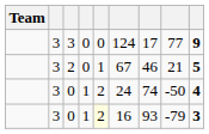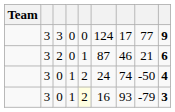 <table class="wikitable" style="text-align: center;">
 <tr>
 <th>Team</th>
 <th></th>
 <th></th>
 <th></th>
 <th></th>
 <th></th>
 <th></th>
 <th></th>
 <th></th>
 </tr>
 <tr>
 <td align="left"></td>
 <td>3</td>
 <td>3</td>
 <td>0</td>
 <td>0</td>
 <td>124</td>
 <td>17</td>
 <td>77</td>
 <td><strong>9</strong></td>
 </tr>
 <tr>
 <td align="left"></td>
 <td>3</td>
 <td>2</td>
 <td>0</td>
 <td>1</td>
-<td>67</td>
+<td>87</td>
 <td>46</td>
 <td>21</td>
-<td><strong>5</strong></td>
+<td><strong>6</strong></td>
 </tr>
 <tr>
 <td align="left"></td>
 <td>3</td>
 <td>0</td>
 <td>1</td>
 <td>2</td>
 <td>24</td>
 <td>74</td>
 <td>-50</td>
 <td><strong>4</strong></td>
 </tr>
 <tr>
 <td align="left"></td>
 <td>3</td>
 <td>0</td>
 <td>1</td>
 <td style="background: lightyellow;">2</td>
 <td>16</td>
 <td>93</td>
 <td>-79</td>
 <td><strong>3</strong></td>
 </tr>
 </table>
